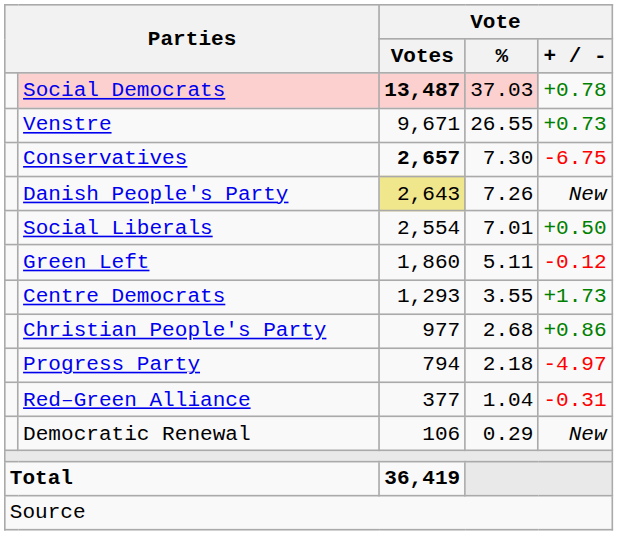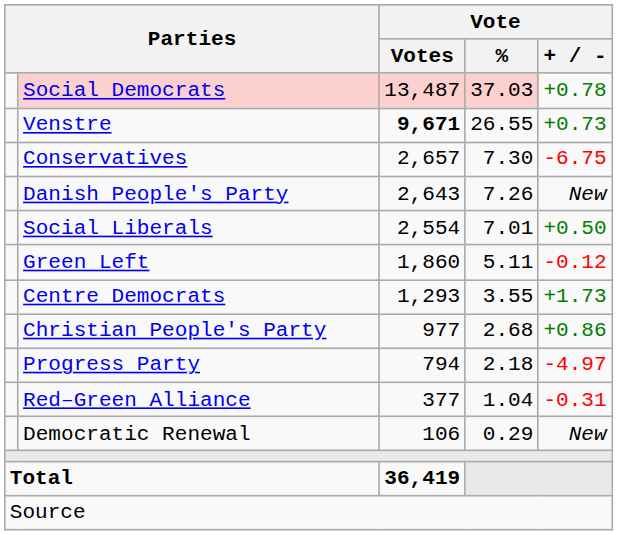 <table class="wikitable" style="text-align:right;">
 <tr>
 <th style="text-align:centre;" rowspan="2" colspan="2" width="225">Parties</th>
 <th colspan="3">Vote</th>
 </tr>
 <tr>
 <th width="15">Votes</th>
 <th width="15">%</th>
 <th width="15">+ / -</th>
 </tr>
 <tr>
 <td width="2" style="color:inherit;background:"></td>
 <td bgcolor=#fbd0ce  align="left"><a href='#'>Social Democrats</a></td>
-<td bgcolor=#fbd0ce><strong>13,487</strong></td>
+<td bgcolor=#fbd0ce>13,487</td>
 <td bgcolor=#fbd0ce>37.03</td>
 <td style=color:green;>+0.78</td>
 </tr>
 <tr>
 <td width="2" style="color:inherit;background:"></td>
 <td align="left"><a href='#'>Venstre</a></td>
-<td>9,671</td>
+<td><strong>9,671</strong></td>
 <td>26.55</td>
 <td style=color:green;>+0.73</td>
 </tr>
 <tr>
 <td width="2" style="color:inherit;background:"></td>
 <td align="left"><a href='#'>Conservatives</a></td>
-<td><strong>2,657</strong></td>
+<td>2,657</td>
 <td>7.30</td>
 <td style=color:red;>-6.75</td>
 </tr>
 <tr>
 <td width="2" style="color:inherit;background:"></td>
 <td align="left"><a href='#'>Danish People's Party</a></td>
-<td style="background: khaki;">2,643</td>
+<td>2,643</td>
 <td>7.26</td>
 <td><em>New</em></td>
 </tr>
 <tr>
 <td width="2" style="color:inherit;background:"></td>
 <td align="left"><a href='#'>Social Liberals</a></td>
 <td>2,554</td>
 <td>7.01</td>
 <td style=color:green;>+0.50</td>
 </tr>
 <tr>
 <td width="2" style="color:inherit;background:"></td>
 <td align="left"><a href='#'>Green Left</a></td>
 <td>1,860</td>
 <td>5.11</td>
 <td style=color:red;>-0.12</td>
 </tr>
 <tr>
 <td width="2" style="color:inherit;background:"></td>
 <td align="left"><a href='#'>Centre Democrats</a></td>
 <td>1,293</td>
 <td>3.55</td>
 <td style=color:green;>+1.73</td>
 </tr>
 <tr>
 <td width="2" style="color:inherit;background:"></td>
 <td align="left"><a href='#'>Christian People's Party</a></td>
 <td>977</td>
 <td>2.68</td>
 <td style=color:green;>+0.86</td>
 </tr>
 <tr>
 <td width="2" style="color:inherit;background:"></td>
 <td align="left"><a href='#'>Progress Party</a></td>
 <td>794</td>
 <td>2.18</td>
 <td style=color:red;>-4.97</td>
 </tr>
 <tr>
 <td width="2" style="color:inherit;background:"></td>
 <td align="left"><a href='#'>Red–Green Alliance</a></td>
 <td>377</td>
 <td>1.04</td>
 <td style=color:red;>-0.31</td>
 </tr>
 <tr>
 <td width="2" style="color:inherit;background:"></td>
 <td align="left">Democratic Renewal</td>
 <td>106</td>
 <td>0.29</td>
 <td><em>New</em></td>
 </tr>
 <tr>
 <td colspan="7" bgcolor="#E9E9E9"></td>
 </tr>
 <tr>
 <td align="left" colspan="2"><strong>Total</strong></td>
 <td><strong>36,419</strong></td>
 <td bgcolor="#E9E9E9" colspan="2"></td>
 </tr>
 <tr>
 <td align="left" colspan="6">Source</td>
 </tr>
 </table>
